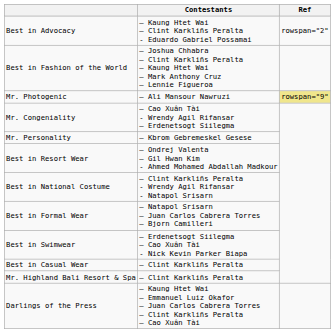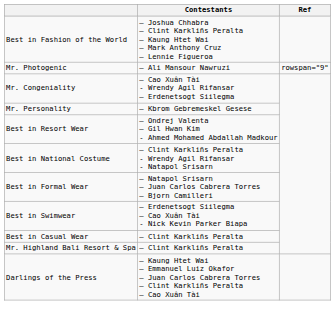 <table class="wikitable"  style="font-size: 85%;">
 <tr style="background:#CCCCCC; text-align:center">
 <th></th>
 <th>Contestants</th>
 <th>Ref</th>
-</tr>
-<tr>
-<td>Best in Advocacy</td>
-<td>  – Kaung Htet Wai <br>   – Clint Karkliñs Peralta  <br>   - Eduardo Gabriel Possamai</td>
-<td>rowspan="2" </td>
 </tr>
 <tr>
 <td>Best in Fashion of the World</td>
 <td>  – Joshua Chhabra <br>   – Clint Karkliñs Peralta <br>   – Kaung Htet Wai <br>   – Mark Anthony Cruz <br>   – Lennie Figueroa</td>
 </tr>
 <tr>
 <td>Mr. Photogenic</td>
 <td> – Ali Mansour Nawruzi</td>
-<td style="background: khaki;">rowspan="9" </td>
+<td>rowspan="9" </td>
 </tr>
 <tr>
 <td>Mr. Congeniality</td>
 <td>  – Cao Xuân Tài <br>   - Wrendy Agil Rifansar <br>   – Erdenetsogt Siilegma</td>
 </tr>
 <tr>
 <td>Mr. Personality</td>
 <td> – Kbrom Gebremeskel Gesese</td>
 </tr>
 <tr>
 <td>Best in Resort Wear</td>
 <td>  – Ondrej Valenta <br>   – Gil Hwan Kim <br>   - Ahmed Mohamed Abdallah Madkour</td>
 </tr>
 <tr>
 <td>Best in National Costume</td>
 <td>  – Clint Karkliñs Peralta <br>   - Wrendy Agil Rifansar <br>   - Natapol Srisarn</td>
 </tr>
 <tr>
 <td>Best in Formal Wear</td>
 <td>  – Natapol Srisarn <br>   – Juan Carlos Cabrera Torres <br>   – Bjorn Camilleri</td>
 </tr>
 <tr>
 <td>Best in Swimwear</td>
 <td>  – Erdenetsogt Siilegma <br>   – Cao Xuân Tài <br>   - Nick Kevin Parker Biapa</td>
 </tr>
 <tr>
 <td>Best in Casual Wear</td>
 <td> – Clint Karkliñs Peralta</td>
 </tr>
 <tr>
 <td>Mr. Highland Bali Resort & Spa</td>
 <td> – Clint Karkliñs Peralta</td>
 </tr>
 <tr>
 <td>Darlings of the Press</td>
 <td> – Kaung Htet Wai <br>  – Emmanuel Luiz Okafor <br>  – Juan Carlos Cabrera Torres <br>  – Clint Karkliñs Peralta <br>  – Cao Xuân Tài</td>
 <td></td>
 </tr>
 </table>
